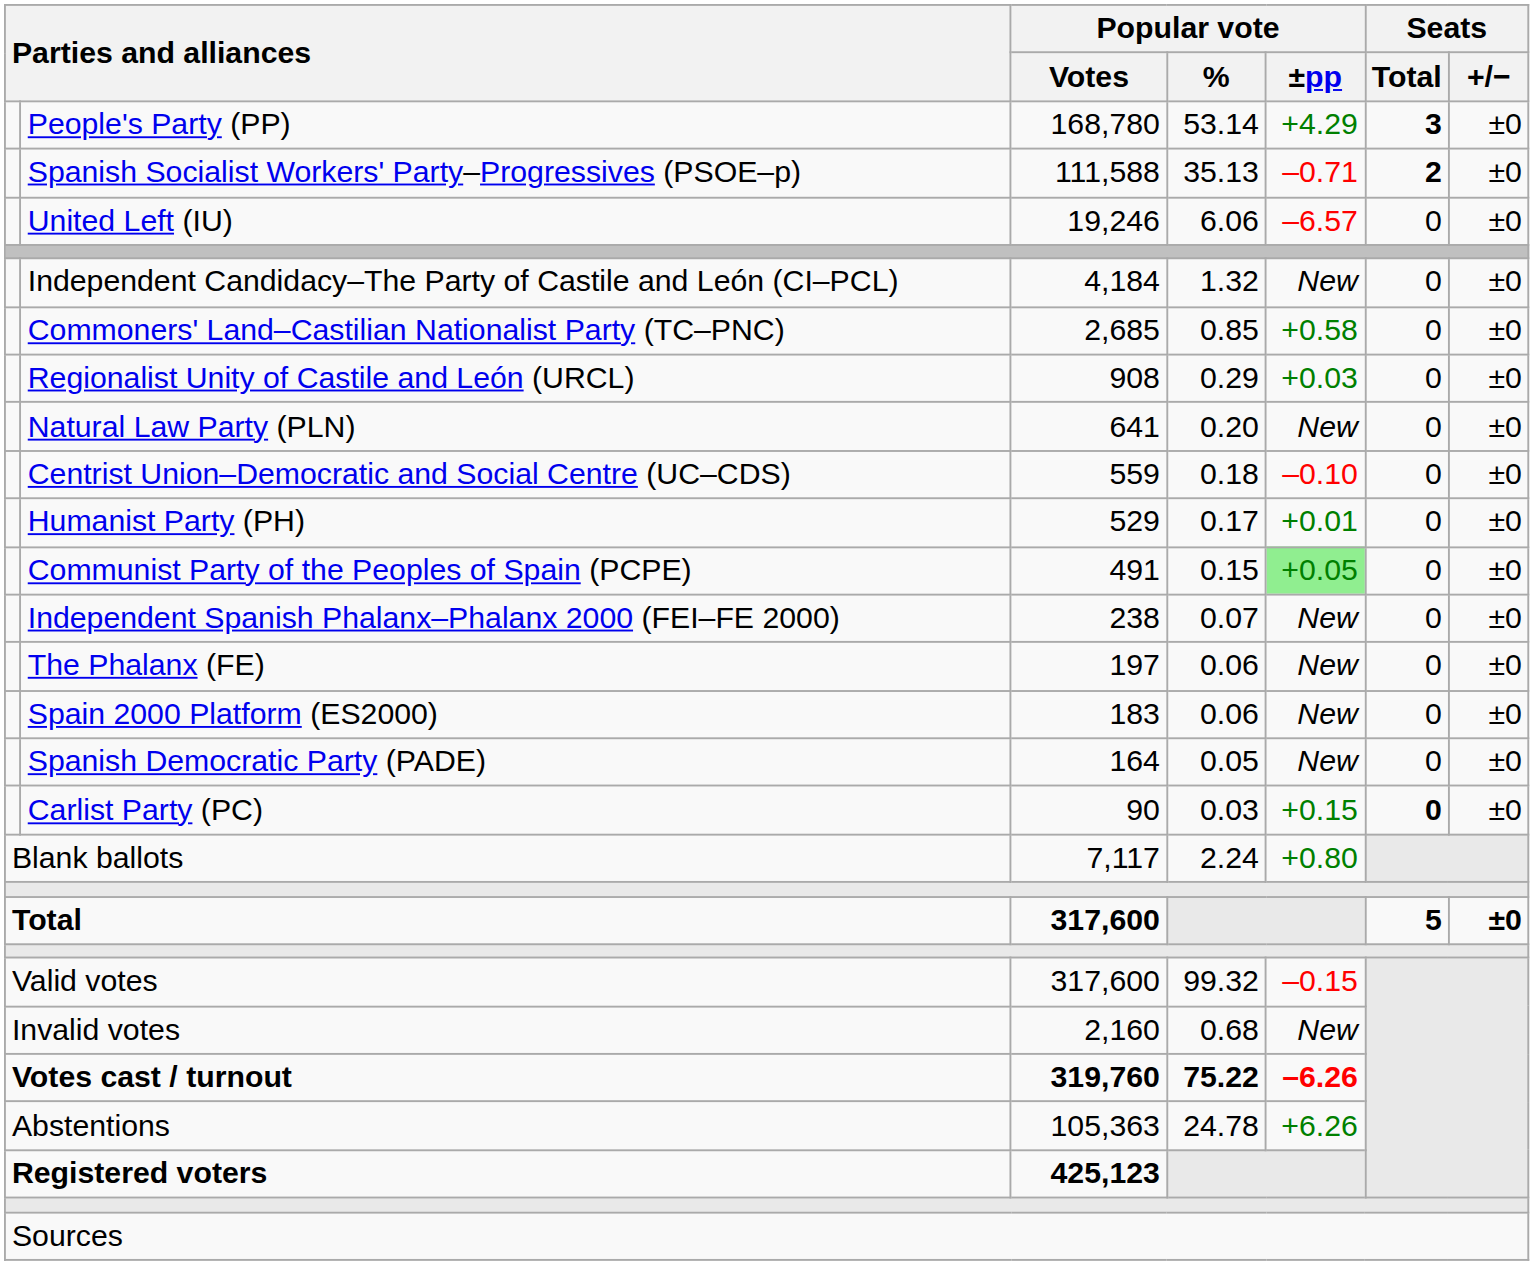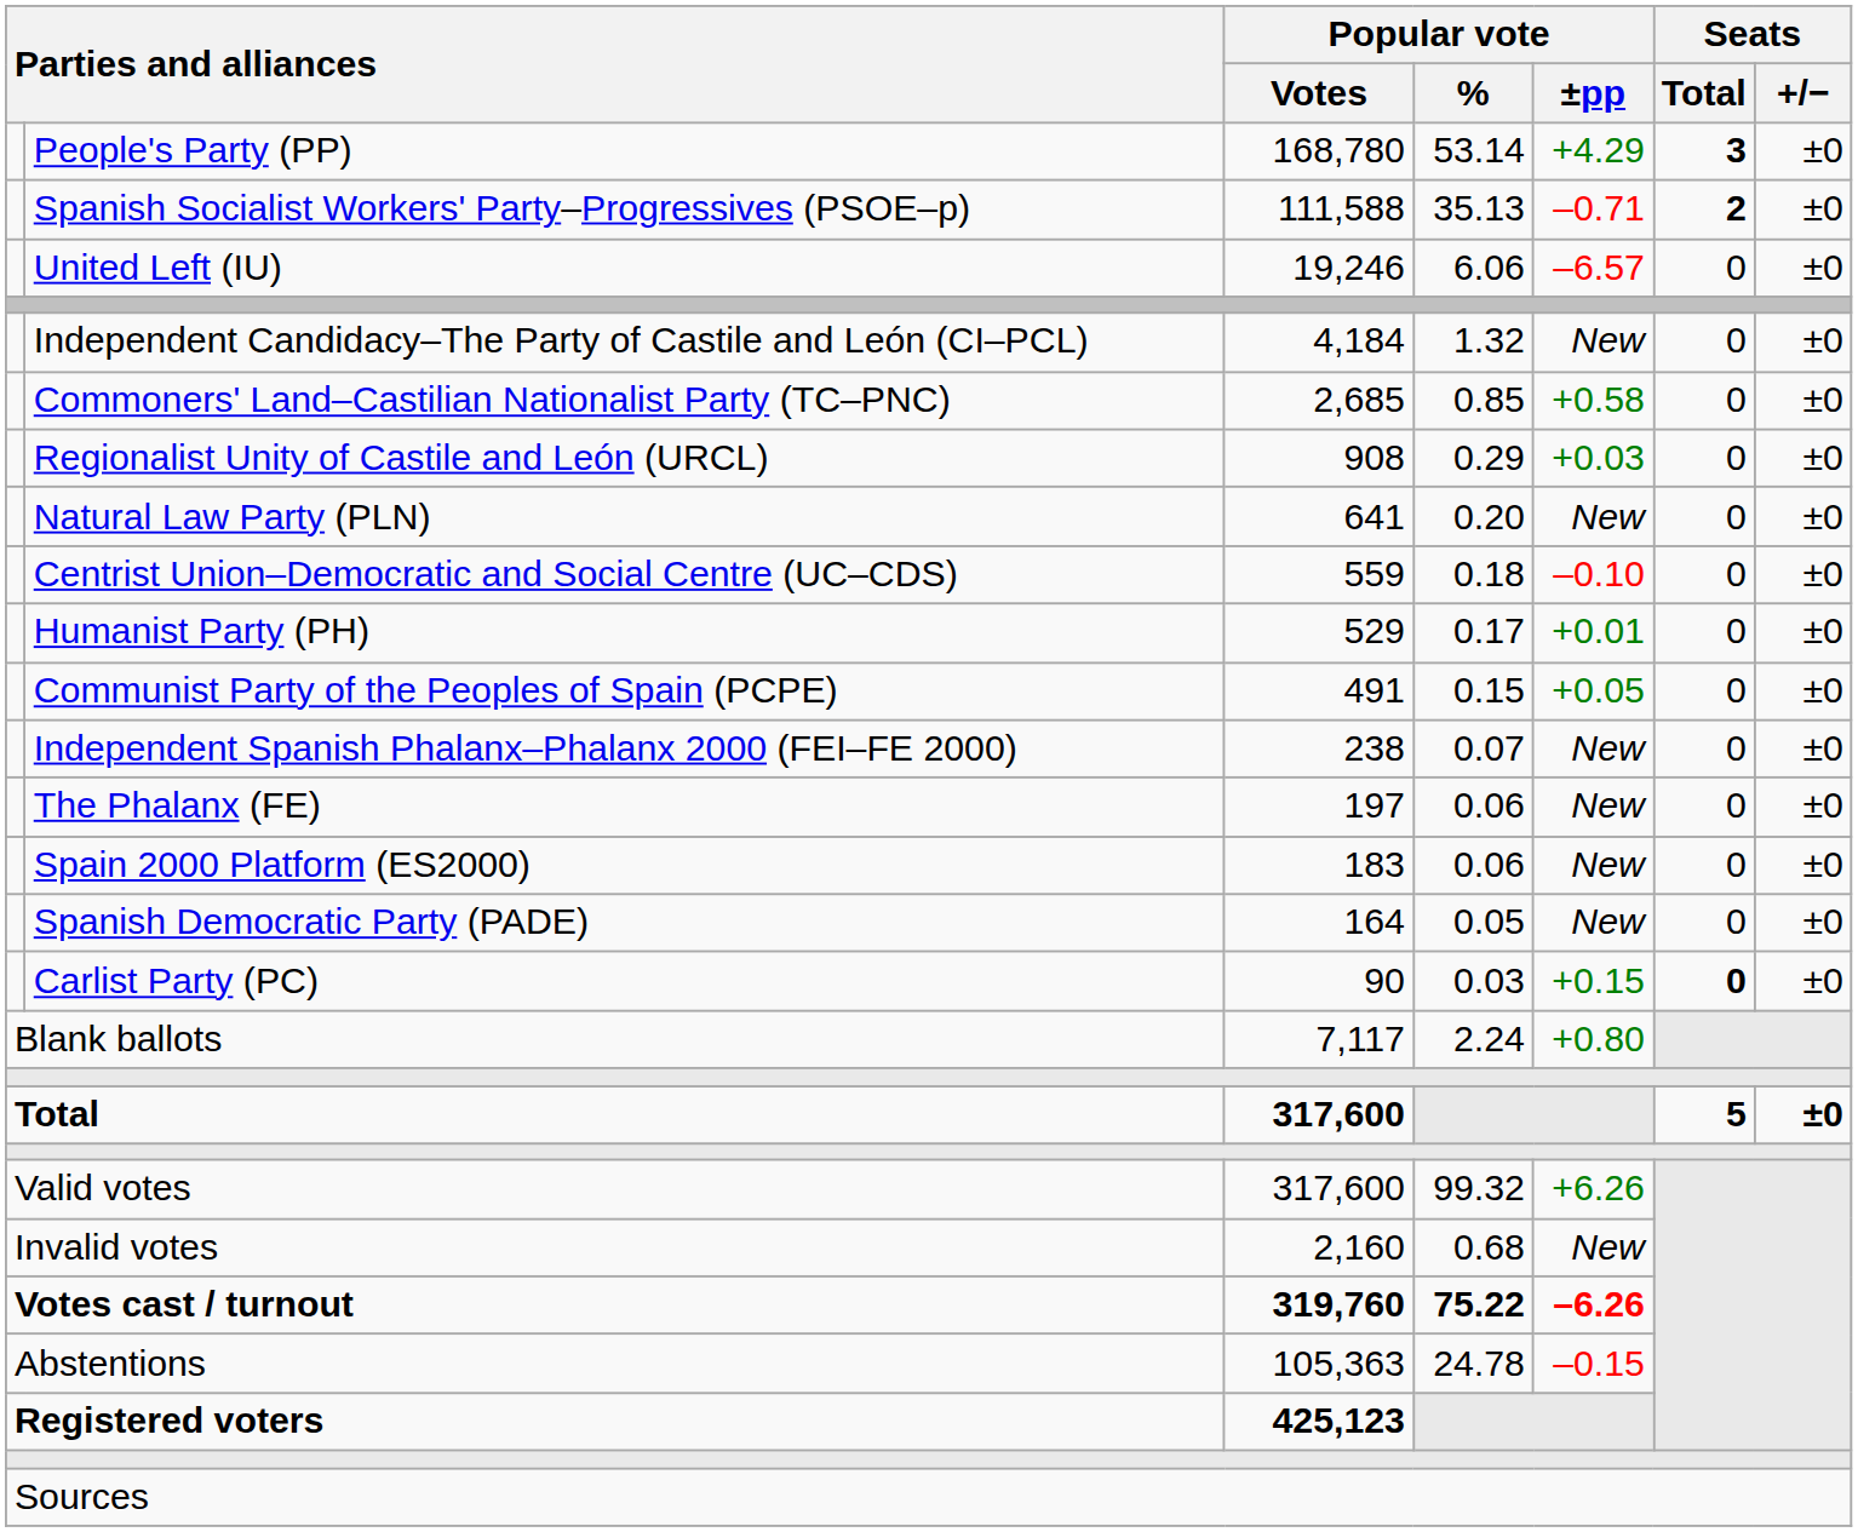 <table class="wikitable" style="text-align:right;">
 <tr>
 <th style="text-align:left;" rowspan="2" colspan="2" width="525">Parties and alliances</th>
 <th colspan="3">Popular vote</th>
 <th colspan="2">Seats</th>
 </tr>
 <tr>
 <th width="75">Votes</th>
 <th width="45">%</th>
 <th width="45">±<a href='#'>pp</a></th>
 <th width="35">Total</th>
 <th width="35">+/−</th>
 </tr>
 <tr>
 <td width="1" style="color:inherit;background:"></td>
 <td align="left"><a href='#'>People's Party</a> (PP)</td>
 <td>168,780</td>
 <td>53.14</td>
 <td style="color:green;">+4.29</td>
 <td><strong>3</strong></td>
 <td>±0</td>
 </tr>
 <tr>
 <td style="color:inherit;background:"></td>
 <td align="left"><a href='#'>Spanish Socialist Workers' Party</a>–<a href='#'>Progressives</a> (PSOE–p)</td>
 <td>111,588</td>
 <td>35.13</td>
 <td style="color:red;">–0.71</td>
 <td><strong>2</strong></td>
 <td>±0</td>
 </tr>
 <tr>
 <td style="color:inherit;background:"></td>
 <td align="left"><a href='#'>United Left</a> (IU)</td>
 <td>19,246</td>
 <td>6.06</td>
 <td style="color:red;">–6.57</td>
 <td>0</td>
 <td>±0</td>
 </tr>
 <tr>
 <td colspan="7" bgcolor="#C0C0C0"></td>
 </tr>
 <tr>
 <td style="color:inherit;background:"></td>
 <td align="left">Independent Candidacy–The Party of Castile and León (CI–PCL)</td>
 <td>4,184</td>
 <td>1.32</td>
 <td><em>New</em></td>
 <td>0</td>
 <td>±0</td>
 </tr>
 <tr>
 <td style="color:inherit;background:"></td>
 <td align="left"><a href='#'>Commoners' Land–Castilian Nationalist Party</a> (TC–PNC)</td>
 <td>2,685</td>
 <td>0.85</td>
 <td style="color:green;">+0.58</td>
 <td>0</td>
 <td>±0</td>
 </tr>
 <tr>
 <td style="color:inherit;background:"></td>
 <td align="left"><a href='#'>Regionalist Unity of Castile and León</a> (URCL)</td>
 <td>908</td>
 <td>0.29</td>
 <td style="color:green;">+0.03</td>
 <td>0</td>
 <td>±0</td>
 </tr>
 <tr>
 <td style="color:inherit;background:"></td>
 <td align="left"><a href='#'>Natural Law Party</a> (PLN)</td>
 <td>641</td>
 <td>0.20</td>
 <td><em>New</em></td>
 <td>0</td>
 <td>±0</td>
 </tr>
 <tr>
 <td style="color:inherit;background:"></td>
 <td align="left"><a href='#'>Centrist Union–Democratic and Social Centre</a> (UC–CDS)</td>
 <td>559</td>
 <td>0.18</td>
 <td style="color:red;">–0.10</td>
 <td>0</td>
 <td>±0</td>
 </tr>
 <tr>
 <td style="color:inherit;background:"></td>
 <td align="left"><a href='#'>Humanist Party</a> (PH)</td>
 <td>529</td>
 <td>0.17</td>
 <td style="color:green;">+0.01</td>
 <td>0</td>
 <td>±0</td>
 </tr>
 <tr>
 <td style="color:inherit;background:"></td>
 <td align="left"><a href='#'>Communist Party of the Peoples of Spain</a> (PCPE)</td>
 <td>491</td>
 <td>0.15</td>
-<td style="background: lightgreen; color:green;">+0.05</td>
+<td style="color:green;">+0.05</td>
 <td>0</td>
 <td>±0</td>
 </tr>
 <tr>
 <td style="color:inherit;background:"></td>
 <td align="left"><a href='#'>Independent Spanish Phalanx–Phalanx 2000</a> (FEI–FE 2000)</td>
 <td>238</td>
 <td>0.07</td>
 <td><em>New</em></td>
 <td>0</td>
 <td>±0</td>
 </tr>
 <tr>
 <td style="color:inherit;background:"></td>
 <td align="left"><a href='#'>The Phalanx</a> (FE)</td>
 <td>197</td>
 <td>0.06</td>
 <td><em>New</em></td>
 <td>0</td>
 <td>±0</td>
 </tr>
 <tr>
 <td style="color:inherit;background:"></td>
 <td align="left"><a href='#'>Spain 2000 Platform</a> (ES2000)</td>
 <td>183</td>
 <td>0.06</td>
 <td><em>New</em></td>
 <td>0</td>
 <td>±0</td>
 </tr>
 <tr>
 <td style="color:inherit;background:"></td>
 <td align="left"><a href='#'>Spanish Democratic Party</a> (PADE)</td>
 <td>164</td>
 <td>0.05</td>
 <td><em>New</em></td>
 <td>0</td>
 <td>±0</td>
 </tr>
 <tr>
 <td style="color:inherit;background:"></td>
 <td align="left"><a href='#'>Carlist Party</a> (PC)</td>
 <td>90</td>
 <td>0.03</td>
 <td style="color:green;">+0.15</td>
 <td><strong>0</strong></td>
 <td>±0</td>
 </tr>
 <tr>
 <td align="left" colspan="2">Blank ballots</td>
 <td>7,117</td>
 <td>2.24</td>
 <td style="color:green;">+0.80</td>
 <td bgcolor="#E9E9E9" colspan="2"></td>
 </tr>
 <tr>
 <td colspan="7" bgcolor="#E9E9E9"></td>
 </tr>
 <tr style="font-weight:bold;">
 <td align="left" colspan="2">Total</td>
 <td>317,600</td>
 <td bgcolor="#E9E9E9" colspan="2"></td>
 <td>5</td>
 <td>±0</td>
 </tr>
 <tr>
 <td colspan="7" bgcolor="#E9E9E9"></td>
 </tr>
 <tr>
 <td align="left" colspan="2">Valid votes</td>
 <td>317,600</td>
 <td>99.32</td>
-<td style="color:red;">–0.15</td>
+<td style="color:green;">+6.26</td>
 <td bgcolor="#E9E9E9" colspan="2" rowspan="5"></td>
 </tr>
 <tr>
 <td align="left" colspan="2">Invalid votes</td>
 <td>2,160</td>
 <td>0.68</td>
 <td><em>New</em></td>
 </tr>
 <tr style="font-weight:bold;">
 <td align="left" colspan="2">Votes cast / turnout</td>
 <td>319,760</td>
 <td>75.22</td>
 <td style="color:red;">–6.26</td>
 </tr>
 <tr>
 <td align="left" colspan="2">Abstentions</td>
 <td>105,363</td>
 <td>24.78</td>
-<td style="color:green;">+6.26</td>
+<td style="color:red;">–0.15</td>
 </tr>
 <tr style="font-weight:bold;">
 <td align="left" colspan="2">Registered voters</td>
 <td>425,123</td>
 <td bgcolor="#E9E9E9" colspan="2"></td>
 </tr>
 <tr>
 <td colspan="7" bgcolor="#E9E9E9"></td>
 </tr>
 <tr>
 <td align="left" colspan="7">Sources</td>
 </tr>
 </table>
